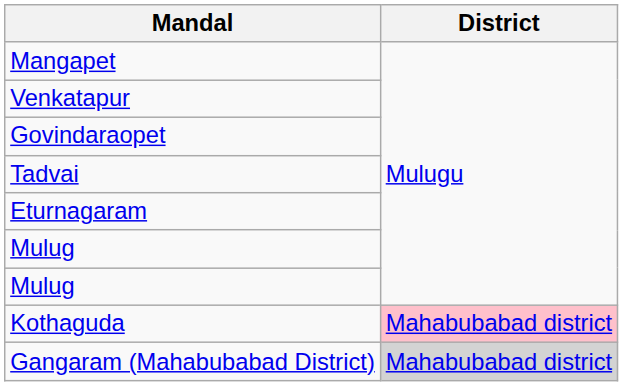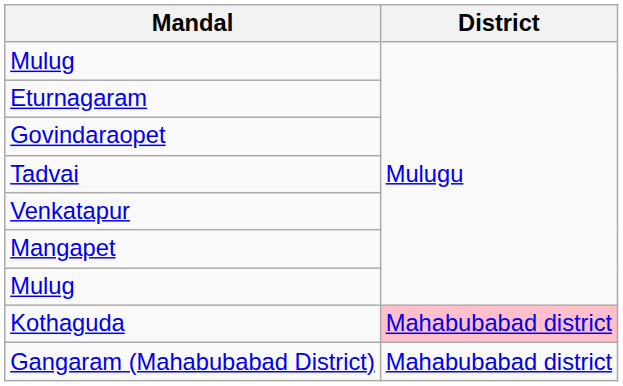 <table class="wikitable sortable static-row-numbers static-row-header-hash">
 <tr>
 <th>Mandal</th>
 <th>District</th>
 </tr>
 <tr>
-<td><a href='#'>Mangapet</a></td>
+<td><a href='#'>Mulug</a></td>
 <td rowspan="7"><a href='#'>Mulugu</a></td>
 </tr>
 <tr>
-<td><a href='#'>Venkatapur</a></td>
+<td><a href='#'>Eturnagaram</a></td>
 </tr>
 <tr>
 <td><a href='#'>Govindaraopet</a></td>
 </tr>
 <tr>
 <td><a href='#'>Tadvai</a></td>
 </tr>
 <tr>
-<td><a href='#'>Eturnagaram</a></td>
+<td><a href='#'>Venkatapur</a></td>
 </tr>
 <tr>
-<td><a href='#'>Mulug</a></td>
+<td><a href='#'>Mangapet</a></td>
 </tr>
 <tr>
 <td><a href='#'>Mulug</a></td>
 </tr>
 <tr>
 <td><a href='#'>Kothaguda</a></td>
 <td style="background: pink;"><a href='#'>Mahabubabad district</a></td>
 </tr>
 <tr>
 <td><a href='#'>Gangaram (Mahabubabad District)</a></td>
-<td style="background: lightgrey;"><a href='#'>Mahabubabad district</a></td>
+<td><a href='#'>Mahabubabad district</a></td>
 </tr>
 </table>
